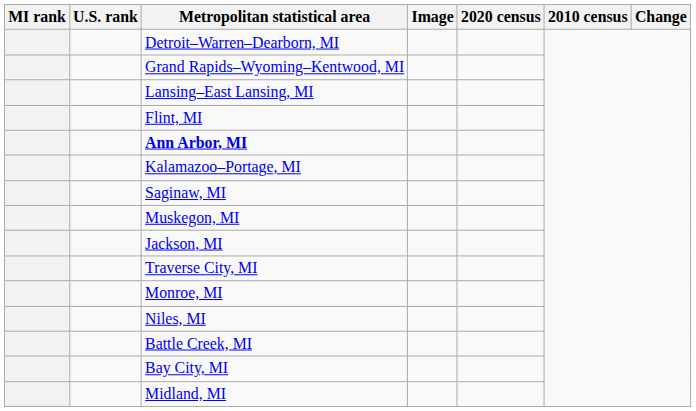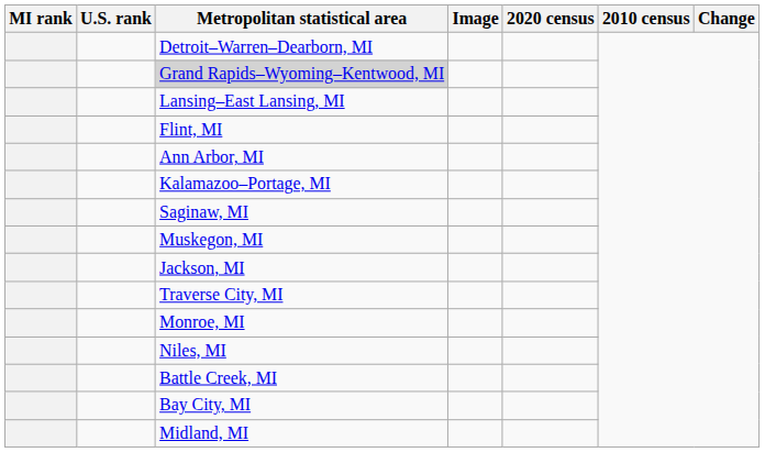 <table class="wikitable sortable">
 <tr>
 <th scope="col">MI rank</th>
 <th scope="col">U.S. rank</th>
 <th scope="col">Metropolitan statistical area</th>
 <th scope="col">Image</th>
 <th scope="col">2020 census</th>
 <th scope="col">2010 census</th>
 <th scope="col">Change</th>
 </tr>
 <tr>
 <th scope="row"></th>
 <td style="text-align:center;"></td>
 <td><a href='#'>Detroit–Warren–Dearborn, MI</a></td>
 <td></td>
 <td></td>
 </tr>
 <tr>
 <th scope="row"></th>
 <td style="text-align:center;"></td>
-<td><a href='#'>Grand Rapids–Wyoming–Kentwood, MI</a></td>
+<td style="background: lightgrey;"><a href='#'>Grand Rapids–Wyoming–Kentwood, MI</a></td>
 <td></td>
 <td></td>
 </tr>
 <tr>
 <th scope="row"></th>
 <td style="text-align:center;"></td>
 <td><a href='#'>Lansing–East Lansing, MI</a></td>
 <td></td>
 <td></td>
 </tr>
 <tr>
 <th scope="row"></th>
 <td style="text-align:center;"></td>
 <td><a href='#'>Flint, MI</a></td>
 <td></td>
 <td></td>
 </tr>
 <tr>
 <th scope="row"></th>
 <td style="text-align:center;"></td>
-<td><strong><a href='#'>Ann Arbor, MI</a></strong></td>
+<td><a href='#'>Ann Arbor, MI</a></td>
 <td></td>
 <td></td>
 </tr>
 <tr>
 <th scope="row"></th>
 <td style="text-align:center;"></td>
 <td><a href='#'>Kalamazoo–Portage, MI</a></td>
 <td></td>
 <td></td>
 </tr>
 <tr>
 <th scope="row"></th>
 <td style="text-align:center;"></td>
 <td><a href='#'>Saginaw, MI</a></td>
 <td></td>
 <td></td>
 </tr>
 <tr>
 <th scope="row"></th>
 <td style="text-align:center;"></td>
 <td><a href='#'>Muskegon, MI</a></td>
 <td></td>
 <td></td>
 </tr>
 <tr>
 <th scope="row"></th>
 <td style="text-align:center;"></td>
 <td><a href='#'>Jackson, MI</a></td>
 <td></td>
 <td></td>
 </tr>
 <tr>
 <th scope="row"></th>
 <td style="text-align:center;"></td>
 <td><a href='#'>Traverse City, MI</a></td>
 <td></td>
 <td></td>
 </tr>
 <tr>
 <th scope="row"></th>
 <td style="text-align:center;"></td>
 <td><a href='#'>Monroe, MI</a></td>
 <td></td>
 <td></td>
 </tr>
 <tr>
 <th scope="row"></th>
 <td style="text-align:center;"></td>
 <td><a href='#'>Niles, MI</a></td>
 <td></td>
 <td></td>
 </tr>
 <tr>
 <th scope="row"></th>
 <td style="text-align:center;"></td>
 <td><a href='#'>Battle Creek, MI</a></td>
 <td></td>
 <td></td>
 </tr>
 <tr>
 <th scope="row"></th>
 <td style="text-align:center;"></td>
 <td><a href='#'>Bay City, MI</a></td>
 <td></td>
 <td></td>
 </tr>
 <tr>
 <th scope="row"></th>
 <td style="text-align:center;"></td>
 <td><a href='#'>Midland, MI</a></td>
 <td></td>
 <td></td>
 </tr>
 </table>
